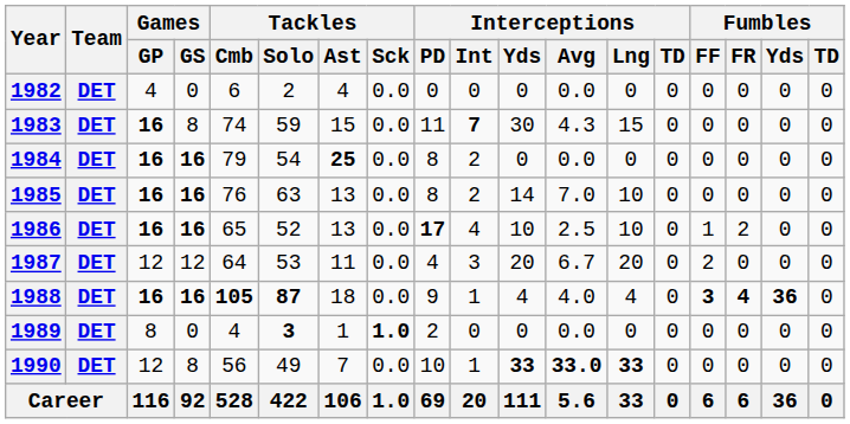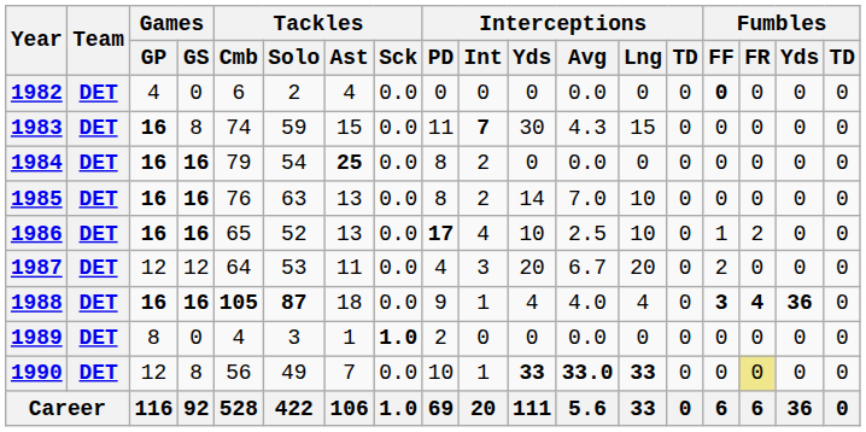 <table class= "wikitable" style="text-align: center;">
 <tr>
 <th rowspan="2">Year</th>
 <th rowspan="2">Team</th>
 <th colspan="2">Games</th>
 <th colspan="4">Tackles</th>
 <th colspan="6">Interceptions</th>
 <th colspan="4">Fumbles</th>
 </tr>
 <tr>
 <th>GP</th>
 <th>GS</th>
 <th>Cmb</th>
 <th>Solo</th>
 <th>Ast</th>
 <th>Sck</th>
 <th>PD</th>
 <th>Int</th>
 <th>Yds</th>
 <th>Avg</th>
 <th>Lng</th>
 <th>TD</th>
 <th> FF</th>
 <th>FR</th>
 <th>Yds</th>
 <th>TD</th>
 </tr>
 <tr>
 <th><a href='#'>1982</a></th>
 <th><a href='#'>DET</a></th>
 <td>4</td>
 <td>0</td>
 <td>6</td>
 <td>2</td>
 <td>4</td>
 <td>0.0</td>
 <td>0</td>
 <td>0</td>
 <td>0</td>
 <td>0.0</td>
 <td>0</td>
 <td>0</td>
-<td>0</td>
+<td><strong>0</strong></td>
 <td>0</td>
 <td>0</td>
 <td>0</td>
 </tr>
 <tr>
 <th><a href='#'>1983</a></th>
 <th><a href='#'>DET</a></th>
 <td><strong>16</strong></td>
 <td>8</td>
 <td>74</td>
 <td>59</td>
 <td>15</td>
 <td>0.0</td>
 <td>11</td>
 <td><strong>7</strong></td>
 <td>30</td>
 <td>4.3</td>
 <td>15</td>
 <td>0</td>
 <td>0</td>
 <td>0</td>
 <td>0</td>
 <td>0</td>
 </tr>
 <tr>
 <th><a href='#'>1984</a></th>
 <th><a href='#'>DET</a></th>
 <td><strong>16</strong></td>
 <td><strong>16</strong></td>
 <td>79</td>
 <td>54</td>
 <td><strong>25</strong></td>
 <td>0.0</td>
 <td>8</td>
 <td>2</td>
 <td>0</td>
 <td>0.0</td>
 <td>0</td>
 <td>0</td>
 <td>0</td>
 <td>0</td>
 <td>0</td>
 <td>0</td>
 </tr>
 <tr>
 <th><a href='#'>1985</a></th>
 <th><a href='#'>DET</a></th>
 <td><strong>16</strong></td>
 <td><strong>16</strong></td>
 <td>76</td>
 <td>63</td>
 <td>13</td>
 <td>0.0</td>
 <td>8</td>
 <td>2</td>
 <td>14</td>
 <td>7.0</td>
 <td>10</td>
 <td>0</td>
 <td>0</td>
 <td>0</td>
 <td>0</td>
 <td>0</td>
 </tr>
 <tr>
 <th><a href='#'>1986</a></th>
 <th><a href='#'>DET</a></th>
 <td><strong>16</strong></td>
 <td><strong>16</strong></td>
 <td>65</td>
 <td>52</td>
 <td>13</td>
 <td>0.0</td>
 <td><strong>17</strong></td>
 <td>4</td>
 <td>10</td>
 <td>2.5</td>
 <td>10</td>
 <td>0</td>
 <td>1</td>
 <td>2</td>
 <td>0</td>
 <td>0</td>
 </tr>
 <tr>
 <th><a href='#'>1987</a></th>
 <th><a href='#'>DET</a></th>
 <td>12</td>
 <td>12</td>
 <td>64</td>
 <td>53</td>
 <td>11</td>
 <td>0.0</td>
 <td>4</td>
 <td>3</td>
 <td>20</td>
 <td>6.7</td>
 <td>20</td>
 <td>0</td>
 <td>2</td>
 <td>0</td>
 <td>0</td>
 <td>0</td>
 </tr>
 <tr>
 <th><a href='#'>1988</a></th>
 <th><a href='#'>DET</a></th>
 <td><strong>16</strong></td>
 <td><strong>16</strong></td>
 <td><strong>105</strong></td>
 <td><strong>87</strong></td>
 <td>18</td>
 <td>0.0</td>
 <td>9</td>
 <td>1</td>
 <td>4</td>
 <td>4.0</td>
 <td>4</td>
 <td>0</td>
 <td><strong>3</strong></td>
 <td><strong>4</strong></td>
 <td><strong>36</strong></td>
 <td>0</td>
 </tr>
 <tr>
 <th><a href='#'>1989</a></th>
 <th><a href='#'>DET</a></th>
 <td>8</td>
 <td>0</td>
 <td>4</td>
-<td><strong>3</strong></td>
+<td>3</td>
 <td>1</td>
 <td><strong>1.0</strong></td>
 <td>2</td>
 <td>0</td>
 <td>0</td>
 <td>0.0</td>
 <td>0</td>
 <td>0</td>
 <td>0</td>
 <td>0</td>
 <td>0</td>
 <td>0</td>
 </tr>
 <tr>
 <th><a href='#'>1990</a></th>
 <th><a href='#'>DET</a></th>
 <td>12</td>
 <td>8</td>
 <td>56</td>
 <td>49</td>
 <td>7</td>
 <td>0.0</td>
 <td>10</td>
 <td>1</td>
 <td><strong>33</strong></td>
 <td><strong>33.0</strong></td>
 <td><strong>33</strong></td>
 <td>0</td>
 <td>0</td>
-<td>0</td>
+<td style="background: khaki;">0</td>
 <td>0</td>
 <td>0</td>
 </tr>
 <tr>
 <th colspan="2">Career</th>
 <th>116</th>
 <th>92</th>
 <th>528</th>
 <th>422</th>
 <th>106</th>
 <th>1.0</th>
 <th>69</th>
 <th>20</th>
 <th>111</th>
 <th>5.6</th>
 <th>33</th>
 <th>0</th>
 <th>6</th>
 <th>6</th>
 <th>36</th>
 <th>0</th>
 </tr>
 </table>
